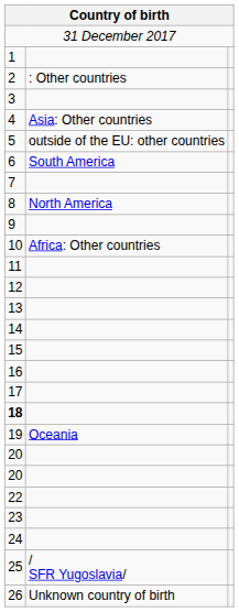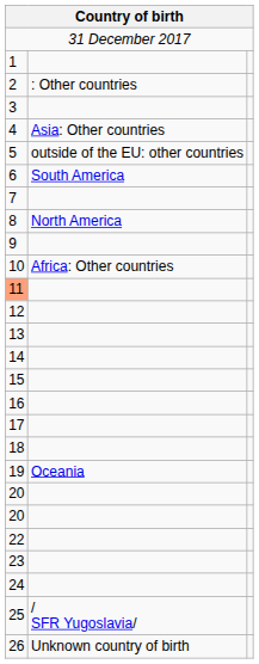 <table class="wikitable collapsible collapsed">
 <tr>
 <th colspan=3>Country of birth</th>
 </tr>
 <tr>
 <td colspan=3 style="text-align:center;"><em>31 December 2017</em></td>
 </tr>
 <tr>
 <td>1</td>
 <td></td>
 <td align=right></td>
 </tr>
 <tr>
 <td>2</td>
 <td>: Other countries</td>
 <td align=right></td>
 </tr>
 <tr>
 <td>3</td>
 <td></td>
 <td align=right></td>
 </tr>
 <tr>
 <td>4</td>
 <td><a href='#'>Asia</a>: Other countries</td>
 <td align=right></td>
 </tr>
 <tr>
 <td>5</td>
 <td> outside of the EU: other countries</td>
 <td align=right></td>
 </tr>
 <tr>
 <td>6</td>
 <td><a href='#'>South America</a></td>
 <td align=right></td>
 </tr>
 <tr>
 <td>7</td>
 <td></td>
 <td align=right></td>
 </tr>
 <tr>
 <td>8</td>
 <td><a href='#'>North America</a></td>
 <td align=right></td>
 </tr>
 <tr>
 <td>9</td>
 <td></td>
 <td align=right></td>
 </tr>
 <tr>
 <td>10</td>
 <td><a href='#'>Africa</a>: Other countries</td>
 <td align=right></td>
 </tr>
 <tr>
-<td>11</td>
+<td style="background: lightsalmon;">11</td>
 <td></td>
 <td align=right></td>
 </tr>
 <tr>
 <td>12</td>
 <td></td>
 <td align=right></td>
 </tr>
 <tr>
 <td>13</td>
 <td></td>
 <td align=right></td>
 </tr>
 <tr>
 <td>14</td>
 <td></td>
 <td align=right></td>
 </tr>
 <tr>
 <td>15</td>
 <td></td>
 <td align=right></td>
 </tr>
 <tr>
 <td>16</td>
 <td></td>
 <td align=right></td>
 </tr>
 <tr>
 <td>17</td>
 <td></td>
 <td align=right></td>
 </tr>
 <tr>
-<td><strong>18</strong></td>
+<td>18</td>
 <td></td>
 <td align=right></td>
 </tr>
 <tr>
 <td>19</td>
 <td><a href='#'>Oceania</a></td>
 <td align=right></td>
 </tr>
 <tr>
 <td>20</td>
 <td></td>
 <td align=right></td>
 </tr>
 <tr>
 <td>20</td>
 <td></td>
 <td align=right></td>
 </tr>
 <tr>
 <td>22</td>
 <td></td>
 <td align=right></td>
 </tr>
 <tr>
 <td>23</td>
 <td></td>
 <td align=right></td>
 </tr>
 <tr>
 <td>24</td>
 <td></td>
 <td align=right></td>
 </tr>
 <tr>
 <td>25</td>
 <td>/<br><a href='#'>SFR Yugoslavia</a>/</td>
 <td align=right></td>
 </tr>
 <tr>
 <td>26</td>
 <td>Unknown country of birth</td>
 <td align=right></td>
 </tr>
 </table>
